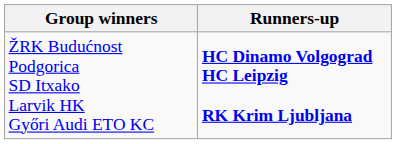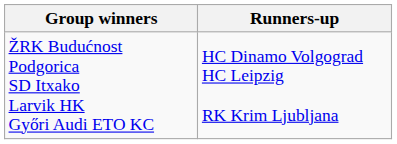 <table class="wikitable">
 <tr>
 <th width=170>Group winners</th>
 <th width=170>Runners-up</th>
 </tr>
 <tr>
 <td> <a href='#'>ŽRK Budućnost Podgorica</a><br> <a href='#'>SD Itxako</a><br> <a href='#'>Larvik HK</a><br> <a href='#'>Győri Audi ETO KC</a></td>
-<td><strong> <a href='#'>HC Dinamo Volgograd</a><br> <a href='#'>HC Leipzig</a><br><br> <a href='#'>RK Krim Ljubljana</a></strong></td>
+<td> <a href='#'>HC Dinamo Volgograd</a><br> <a href='#'>HC Leipzig</a><br><br> <a href='#'>RK Krim Ljubljana</a></td>
 </tr>
 </table>
